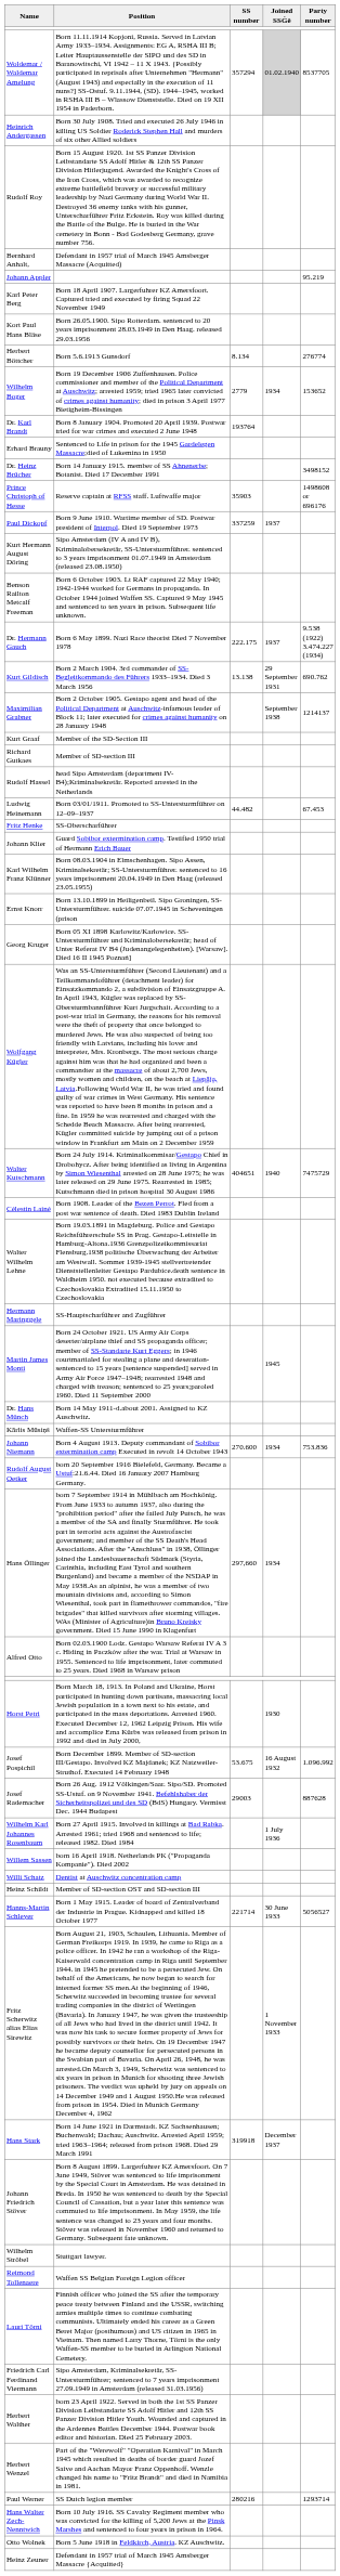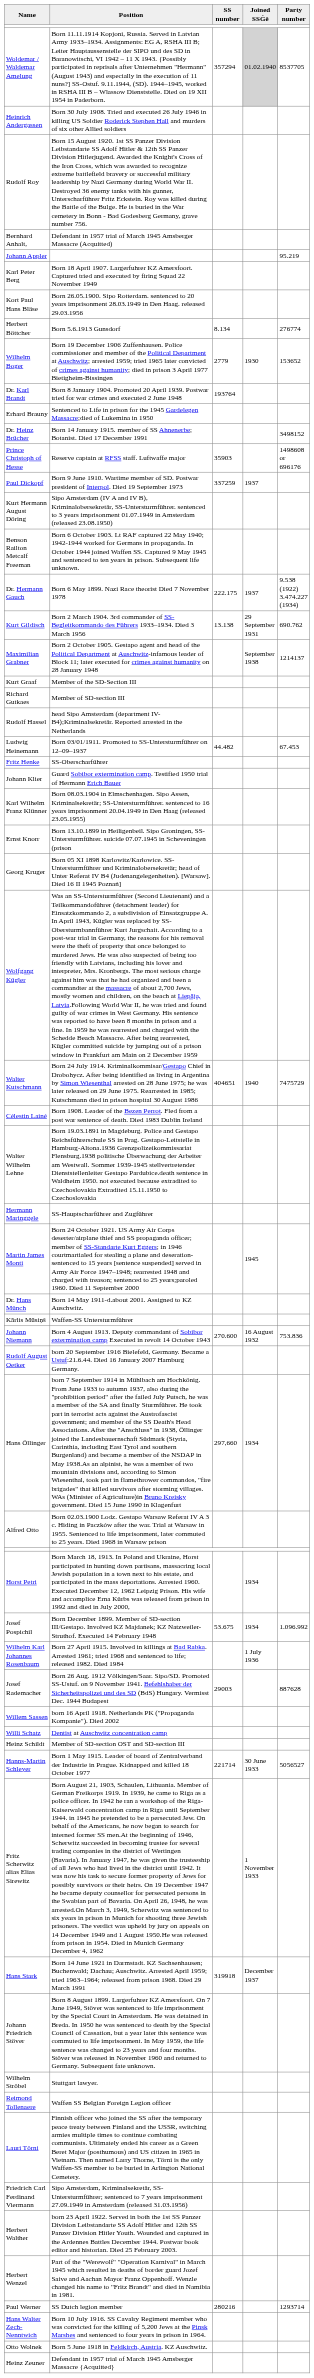 <table align="center" border="1" cellpadding="3" cellspacing="0" style="font-size: 90%; border: gray solid 1px; border-collapse: collapse; text-align: middle;">
 <tr>
 <th bgcolor="#efefef" style="width: 15%">Name</th>
 <th bgcolor="#efefef" style="width: 55%">Position</th>
 <th bgcolor="#efefef" style="width: 10%">SS number</th>
 <th bgcolor="#efefef" style="width: 10%">Joined SSĠě</th>
 <th bgcolor="#efefef" style="width: 10%">Party number</th>
 </tr>
 <tr>
 <td colspan=5></td>
 </tr>
 <tr>
 <td><a href='#'>Woldemar / Waldemar Amelung</a></td>
 <td>Born 11.11.1914 Kopjoni, Russia. Served in Latvian Army 1933–1934. Assignments: EG A, RSHA III B; Leiter Hauptaussenstelle der SIPO und des SD in Baranowitschi, VI 1942 – 11 X 1943. {Possibly participated in reprisals after Unternehmen "Hermann" (August 1943) and especially in the execution of 11 nuns?] SS-Ostuf. 9.11.1944, (SD). 1944–1945, worked in RSHA III B – Wlassow Dienststelle. Died on 19 XII 1954 in Paderborn.</td>
 <td>357294</td>
 <td style="background: lightgrey;">01.02.1940</td>
 <td>8537705</td>
 </tr>
 <tr>
 <td><a href='#'>Heinrich Andergassen</a></td>
 <td>Born 30 July 1908. Tried and executed 26 July 1946 in killing US Soldier <a href='#'>Roderick Stephen Hall</a> and murders of six other Allied soldiers</td>
 <td></td>
 <td></td>
 <td></td>
 </tr>
 <tr>
 <td>Rudolf Roy</td>
 <td>Born 15 August 1920. 1st SS Panzer Division Leibstandarte SS Adolf Hitler & 12th SS Panzer Division Hitlerjugend. Awarded the Knight's Cross of the Iron Cross, which was awarded to recognize extreme battlefield bravery or successful military leadership by Nazi Germany during World War II. Destroyed 36 enemy tanks with his gunner, Unterscharführer Fritz Eckstein. Roy was killed during the Battle of the Bulge. He is buried in the War cemetery in Bonn - Bad Godesberg Germany, grave number 756.</td>
 <td></td>
 <td></td>
 <td></td>
 </tr>
 <tr>
 <td>Bernhard Anhalt,</td>
 <td>Defendant in 1957 trial of March 1945 Amsberger Massacre (Acquitted)</td>
 <td></td>
 <td></td>
 <td></td>
 </tr>
 <tr>
 <td><a href='#'>Johann Appler</a></td>
 <td></td>
 <td></td>
 <td></td>
 <td>95.219</td>
 </tr>
 <tr>
 <td>Karl Peter Berg</td>
 <td>Born 18 April 1907. Largerfuhrer KZ Amersfoort. Captured tried and executed by firing Squad 22 November 1949</td>
 <td></td>
 <td></td>
 <td></td>
 </tr>
 <tr>
 <td>Kort Paul Hans Bläse</td>
 <td>Born 26.05.1900. Sipo Rotterdam. sentenced to 20 years imprisonment 28.03.1949 in Den Haag. released 29.03.1956</td>
 <td></td>
 <td></td>
 <td></td>
 </tr>
 <tr>
 <td>Herbert Böttcher</td>
 <td>Born 5.6.1913 Gunsdorf</td>
 <td>8.134</td>
 <td></td>
 <td>276774</td>
 </tr>
 <tr>
 <td><a href='#'>Wilhelm Boger</a></td>
 <td>Born 19 December 1906 Zuffenhausen. Police commissioner and member of the <a href='#'>Political Department</a> at <a href='#'>Auschwitz</a>; arrested 1959; tried 1965 later convicted of <a href='#'>crimes against humanity</a>; died in prison 3 April 1977 Bietigheim-Bissingen</td>
 <td>2779</td>
-<td>1934</td>
+<td>1930</td>
 <td>153652</td>
 </tr>
 <tr>
 <td>Dr. <a href='#'>Karl Brandt</a></td>
 <td>Born 8 January 1904. Promoted 20 April 1939. Postwar tried for war crimes and executed 2 June 1948</td>
 <td>193764</td>
 <td></td>
 <td></td>
 </tr>
 <tr>
 <td>Erhard Brauny</td>
 <td>Sentenced to Life in prison for the 1945 <a href='#'>Gardelegen Massacre</a>;died of Lukemina in 1950</td>
 <td></td>
 <td></td>
 <td></td>
 </tr>
 <tr>
 <td>Dr. <a href='#'>Heinz Brücher</a></td>
 <td>Born 14 January 1915. member of SS <a href='#'>Ahnenerbe</a>; Botanist. Died 17 December 1991</td>
 <td></td>
 <td></td>
 <td>3498152</td>
 </tr>
 <tr>
 <td><a href='#'>Prince Christoph of Hesse</a></td>
 <td>Reserve captain at <a href='#'>RFSS</a> staff. Luftwaffe major</td>
 <td>35903</td>
 <td></td>
 <td>1498608 <br>or 696176</td>
 </tr>
 <tr>
 <td><a href='#'>Paul Dickopf</a></td>
 <td>Born 9 June 1910. Wartime member of SD. Postwar president of <a href='#'>Interpol</a>. Died 19 September 1973</td>
 <td>337259</td>
 <td>1937</td>
 <td></td>
 </tr>
 <tr>
 <td>Kurt Hermann August Döring</td>
 <td>Sipo Amsterdam (IV A and IV B), Kriminalobersekretär, SS-Untersturmführer. sentenced to 3 years imprisonment 01.07.1949 in Amsterdam (released 23.08.1950)</td>
 <td></td>
 <td></td>
 <td></td>
 </tr>
 <tr>
 <td>Benson Railton Metcalf Freeman</td>
 <td>Born 6 October 1903. Lt RAF captured 22 May 1940; 1942-1944 worked for Germans in  propaganda. In October 1944 joined Waffen SS. Captured 9 May 1945 and sentenced to ten years in prison. Subsequent life unknown.</td>
 <td></td>
 <td></td>
 <td></td>
 </tr>
 <tr>
 <td>Dr. <a href='#'>Hermann Gauch</a></td>
 <td>Born 6 May 1899. Nazi Race theorist Died 7 November 1978</td>
 <td>222.175</td>
 <td>1937</td>
 <td>9.538 (1922) <br>3.474.227 (1934)</td>
 </tr>
 <tr>
 <td><a href='#'>Kurt Gildisch</a></td>
 <td>Born 2 March 1904. 3rd commander of <a href='#'>SS-Begleitkommando des Führers</a> 1933–1934. Died 3 March 1956</td>
 <td>13.138</td>
 <td>29 September 1931</td>
 <td>690.762</td>
 </tr>
 <tr>
 <td><a href='#'>Maximilian Grabner</a></td>
 <td>Born 2 October 1905. Gestapo agent and head of the <a href='#'>Political Department</a> at <a href='#'>Auschwitz</a>-infamous leader of Block 11; later executed for <a href='#'>crimes against humanity</a> on 28 January 1948</td>
 <td></td>
 <td>September 1938</td>
 <td>1214137</td>
 </tr>
 <tr>
 <td>Kurt Graaf</td>
 <td>Member of the SD-Section III</td>
 <td></td>
 <td></td>
 <td></td>
 </tr>
 <tr>
 <td>Richard Gutkaes</td>
 <td>Member of SD-section III</td>
 <td></td>
 <td></td>
 <td></td>
 </tr>
 <tr>
 <td>Rudolf Hassel</td>
 <td>head Sipo Amsterdam (department IV-B4);Kriminalsekretär. Reported arrested in the Netherlands</td>
 <td></td>
 <td></td>
 <td></td>
 </tr>
 <tr>
 <td>Ludwig Heinemann</td>
 <td>Born 03/01/1911. Promoted to SS-Untersturmführer on 12–09–1937</td>
 <td>44.482</td>
 <td></td>
 <td>67.453</td>
 </tr>
 <tr>
 <td><a href='#'>Fritz Henke</a></td>
 <td>SS-Oberscharführer</td>
 <td></td>
 <td></td>
 <td></td>
 </tr>
 <tr>
 <td>Johann Klier</td>
 <td>Guard <a href='#'>Sobibor extermination camp</a>. Testified 1950 trial of Hermann <a href='#'>Erich Bauer</a></td>
 <td></td>
 <td></td>
 <td></td>
 </tr>
 <tr>
 <td>Karl Wilhelm Franz Klünner</td>
 <td>Born 08.03.1904 in Elmschenhagen. Sipo Assen, Kriminalsekretär; SS-Untersturmführer. sentenced to 16 years imprisonment 20.04.1949 in Den Haag (released 23.05.1955)</td>
 <td></td>
 <td></td>
 <td></td>
 </tr>
 <tr>
 <td>Ernst Knorr</td>
 <td>Born 13.10.1899 in Heiligenbeil. Sipo Groningen, SS-Untersturmführer. suicide 07.07.1945 in Scheveningen (prison</td>
 <td></td>
 <td></td>
 <td></td>
 </tr>
 <tr>
 <td>Georg Kruger</td>
 <td>Born 05 XI 1898 Karlowitz/Karłowice. SS-Untersturmführer und Kriminalobersekretär; head of Unter Referat IV B4 (Judenangelegenheiten). [Warsaw]. Died 16 II 1945 Poznań]</td>
 <td></td>
 <td></td>
 <td></td>
 </tr>
 <tr>
 <td><a href='#'>Wolfgang Kügler</a></td>
 <td>Was an SS-Untersturmführer (Second Lieutenant) and a Teilkommandoführer (detachment leader) for Einsatzkommando 2, a subdivision of Einsatzgruppe A. In April 1943, Kügler was replaced by SS-Obersturmbannführer Kurt Jurgschait. According to a post-war trial in Germany, the reasons for his removal were the theft of property that once belonged to murdered Jews. He was also suspected of being too friendly with Latvians, including his lover and interpreter, Mrs. Kronbergs. The most serious charge against him was that he had organized and been a commandter at the <a href='#'>massacre</a> of about 2,700 Jews, mostly women and children, on the beach at <a href='#'>Liepāja, Latvia</a>.Following World War II, he was tried and found guilty of war crimes in West Germany. His sentence was reported to have been 8 months in prison and a fine. In 1959 he was rearrested and charged with the Schedde Beach Massacre. After being rearrested, Kügler committed suicide by jumping out of a prison window in Frankfurt am Main on 2 December 1959</td>
 <td></td>
 <td></td>
 <td></td>
 </tr>
 <tr>
 <td><a href='#'>Walter Kutschmann</a></td>
 <td>Born 24 July 1914. Kriminalkommisar/<a href='#'>Gestapo</a> Chief in Drobohycz. After being identified as living in Argentina by <a href='#'>Simon Wiesenthal</a> arrested on 28 June 1975; he was later released on 29 June 1975. Rearrested in 1985; Kutschmann died in prison hospital 30 August 1986</td>
 <td>404651</td>
 <td>1940</td>
 <td>7475729</td>
 </tr>
 <tr>
 <td><a href='#'>Célestin Lainé</a></td>
 <td>Born 1908. Leader of the <a href='#'>Bezen Perrot</a>. Fled from a post war sentence of death. Died 1983 Dublin Ireland</td>
 <td></td>
 <td></td>
 <td></td>
 </tr>
 <tr>
 <td>Walter Wilhelm Lehne</td>
 <td>Born 19.03.1891 in Magdeburg. Police and Gestapo Reichsführerschule SS in Prag. Gestapo-Leitstelle in Hamburg-Altona.1936 Grenzpolizeikommissariat Flensburg.1938 politische Überwachung der Arbeiter am Westwall. Sommer 1939-1945 stellvertretender Dienststellenleiter Gestapo Pardubice.death sentence in Waldheim 1950. not executed because extradited to Czechoslovakia Extradited 15.11.1950 to Czechoslovakia</td>
 <td></td>
 <td></td>
 <td></td>
 </tr>
 <tr>
 <td><a href='#'>Hermann Maringgele</a></td>
 <td>SS-Hauptscharführer and Zugführer</td>
 <td></td>
 <td></td>
 <td></td>
 </tr>
 <tr>
 <td><a href='#'>Martin James Monti</a></td>
 <td>Born 24 October 1921. US Army Air Corps deserter/airplane thief and SS propaganda officer; member of <a href='#'>SS-Standarte Kurt Eggers</a>; in 1946 courtmartialed for stealing a plane and deseration-sentenced to 15 years [sentence suspended] served in Army Air Force 1947–1948; rearrested 1948 and charged with treason; sentenced to 25 years;paroled 1960. Died 11 September 2000</td>
 <td></td>
 <td>1945</td>
 <td></td>
 </tr>
 <tr>
 <td>Dr. <a href='#'>Hans Münch</a></td>
 <td>Born 14 May 1911-d.about 2001. Assigned to KZ Auschwitz.</td>
 <td></td>
 <td></td>
 <td></td>
 </tr>
 <tr>
 <td>Kārlis Mūsiņš</td>
 <td>Waffen-SS Untersturmführer</td>
 <td></td>
 <td></td>
 <td></td>
 </tr>
 <tr>
 <td><a href='#'>Johann Niemann</a></td>
 <td>Born 4 August 1913. Deputy commandant of <a href='#'>Sobibor extermination camp</a> Executed in revolt 14 October 1943</td>
 <td>270.600</td>
-<td>1934</td>
+<td>16 August 1932</td>
 <td>753.836</td>
 </tr>
 <tr>
 <td><a href='#'>Rudolf August Oetker</a></td>
 <td>born 20 September 1916 Bielefeld, Germany. Became a <a href='#'>Ustuf</a>:21.6.44. Died 16 January 2007 Hamburg Germany.</td>
 <td></td>
 <td></td>
 <td></td>
 </tr>
 <tr>
 <td>Hans Öllinger</td>
 <td>born 7 September 1914 in Mühlbach am Hochkönig. From June 1933 to autumn 1937, also during the "prohibition period" after the failed July Putsch, he was a member of the SA and finally Sturmführer. He took part in terrorist acts against the Austrofascist government; and member of the SS Death's Head Associations. After the "Anschluss" in 1938, Öllinger joined the Landesbauernschaft Südmark (Styria, Carinthia, including East Tyrol and southern Burgenland) and became a member of the NSDAP in May 1938.As an alpinist, he was a member of two mountain divisions and, according to Simon Wiesenthal, took part in flamethrower commandos, "fire brigades" that killed survivors after storming villages. WAs (Minister of Agriculture)in <a href='#'>Bruno Kreisky</a> government. Died 15 June 1990 in Klagenfurt</td>
 <td>297,660</td>
 <td>1934</td>
 <td></td>
 </tr>
 <tr>
 <td>Alfred Otto</td>
 <td>Born 02.03.1900 Lodz. Gestapo Warsaw Referat IV A 3 c. Hiding in Paczków after the war. Trial at Warsaw in 1955. Sentenced to life imprisonment, later commuted to 25 years. Died 1968 in Warsaw prison</td>
 <td></td>
 <td></td>
 <td></td>
 </tr>
 <tr>
 <td></td>
 </tr>
 <tr>
 <td><a href='#'>Horst Petri</a></td>
 <td>Born March 18, 1913. In Poland and Ukraine, Horst participated in hunting down partisans, massacring local Jewish population in a town next to his estate, and participated in the mass deportations. Arrested 1960. Executed December 12, 1962 Leipzig Prison. His wife and accomplice Erna Kürbs was released from prison in 1992 and  died in July 2000,</td>
 <td></td>
-<td>1930</td>
+<td>1934</td>
 <td></td>
 </tr>
 <tr>
 <td>Josef Pospichil</td>
 <td>Born December 1899. Member of SD-section III/Gestapo. Involved KZ Majdanek; KZ Natzweiler-Struthof. Executed 14 February 1948</td>
 <td>53.675</td>
-<td>16 August 1932</td>
+<td>1934</td>
 <td>1.096.992</td>
+</tr>
+<tr>
+<td><a href='#'>Wilhelm Karl Johannes Rosenbaum</a></td>
+<td>Born 27 April 1915. Involved in killings at <a href='#'>Bad Rabka</a>. Arrested 1961; tried 1968 and sentenced to life; released 1982. Died 1984</td>
+<td></td>
+<td>1 July 1936</td>
+<td></td>
 </tr>
 <tr>
 <td>Josef Rademacher</td>
 <td>Born 26 Aug. 1912 Völkingen/Saar. Sipo/SD. Promoted SS-Ustuf. on 9 November 1941. <a href='#'>Befehlshaber der Sicherheitspolizei und des SD</a> (BdS) Hungary. Vermisst Dec. 1944 Budapest</td>
 <td>29003</td>
 <td></td>
 <td>887628</td>
-</tr>
-<tr>
-<td><a href='#'>Wilhelm Karl Johannes Rosenbaum</a></td>
-<td>Born 27 April 1915. Involved in killings at <a href='#'>Bad Rabka</a>. Arrested 1961; tried 1968 and sentenced to life; released 1982. Died 1984</td>
-<td></td>
-<td>1 July 1936</td>
-<td></td>
 </tr>
 <tr>
 <td><a href='#'>Willem Sassen</a></td>
 <td>born 16 April 1918. Netherlands PK ("Propaganda Kompanie"). Died 2002</td>
 <td></td>
 <td></td>
 <td></td>
 </tr>
 <tr>
 <td><a href='#'>Willi Schatz</a></td>
 <td><a href='#'>Dentist</a> at <a href='#'>Auschwitz concentration camp</a></td>
 <td></td>
 <td></td>
 <td></td>
 </tr>
 <tr>
 <td>Heinz Schildt</td>
 <td>Member of SD-section OST and SD-section III</td>
 <td></td>
 <td></td>
 <td></td>
 </tr>
 <tr>
 <td><a href='#'>Hanns-Martin Schleyer</a></td>
 <td>Born 1 May 1915. Leader of board of Zentralverband der Industrie in Prague. Kidnapped and killed 18 October 1977</td>
 <td>221714</td>
 <td>30 June 1933</td>
 <td>5056527</td>
 </tr>
 <tr>
 <td>Fritz Scherwitz alias  Elias Sirewitz</td>
 <td>Born August 21, 1903, Schaulen, Lithuania. Member of German Freikorps 1919. In 1939, he came to Riga as a police officer. In 1942 he ran a workshop of the Riga-Kaiserwald concentration camp in Riga until September 1944. in 1945 he pretended to be a persecuted Jew. On behalf of the Americans, he now began to search for interned former SS men.At the beginning of 1946, Scherwitz succeeded in becoming trustee for several trading companies in the district of Wertingen (Bavaria). In January 1947, he was given the trusteeship of all Jews who had lived in the district until 1942. It was now his task to secure former property of Jews for possibly survivors or their heirs. On 19 December 1947 he became deputy counsellor for persecuted persons in the Swabian part of Bavaria. On April 26, 1948, he was arrested.On March 3, 1949, Scherwitz was sentenced to six years in prison in Munich for shooting three Jewish prisoners. The verdict was upheld by jury on appeals on 14 December 1949 and 1 August 1950.He was released from prison in 1954. Died in Munich Germany December 4, 1962</td>
 <td></td>
 <td>1 November 1933</td>
 <td></td>
 </tr>
 <tr>
 <td><a href='#'>Hans Stark</a></td>
 <td>Born 14 June 1921 in Darmstadt. KZ Sachsenhausen; Buchenwald; Dachau; Auschwitz. Arrested April 1959; tried 1963–1964; released from prison 1968. Died 29 March 1991</td>
 <td>319918</td>
 <td>December 1937</td>
 <td></td>
 </tr>
 <tr>
 <td>Johann Friedrich Stöver</td>
 <td>Born 8 August 1899. Largerfuhrer KZ Amersfoort. On 7 June 1949, Stöver was sentenced to life imprisonment by the Special Court in Amsterdam. He was detained in Breda. In 1950 he was sentenced to death by the Special Council of Cassation, but a year later this sentence was commuted to life imprisonment. In May 1959, the life sentence was changed to 23 years and four months. Stöver was released in November 1960 and returned to Germany. Subsequent fate unknown.</td>
 <td></td>
 <td></td>
 <td></td>
 </tr>
 <tr>
 <td>Wilhelm Ströbel</td>
 <td>Stuttgart lawyer.</td>
 <td></td>
 <td></td>
 <td></td>
 </tr>
 <tr>
 <td><a href='#'>Reimond Tollenaere</a></td>
 <td>Waffen SS Belgian Foreign Legion officer</td>
 <td></td>
 <td></td>
 <td></td>
 </tr>
 <tr>
 <td><a href='#'>Lauri Törni</a></td>
 <td>Finnish officer who joined the SS after the temporary peace treaty between Finland and the USSR, switching armies multiple times to continue combating communists. Ultimately ended his career as a Green Beret Major (posthumous) and US citizen in 1965 in Vietnam. Then named Larry Thorne, Törni is the only Waffen-SS member to be buried in Arlington National Cemetery.</td>
 <td></td>
 <td></td>
 <td></td>
 </tr>
 <tr>
 <td>Friedrich Carl Ferdinand Viermann</td>
 <td>Sipo Amsterdam, Kriminalsekretär, SS-Untersturmführer; sentenced to 7 years imprisonment 27.09.1949 in Amsterdam (released 31.03.1956)</td>
 <td></td>
 <td></td>
 <td></td>
 </tr>
 <tr>
 <td>Herbert Walther</td>
 <td>born 23 April 1922. Served in both the 1st SS Panzer Division Leibstandarte SS Adolf Hitler and 12th SS Panzer Division Hitler Youth. Wounded and captured in the Ardennes Battles December 1944. Postwar book editor and historian.  Died 25 February 2003.</td>
 <td></td>
 <td></td>
 <td></td>
 </tr>
 <tr>
 <td>Herbert Wenzel</td>
 <td>Part of the "Werewolf" "Operation Karnival" in March 1945 which resulted in deaths of border guard Jozef Saive and Aachan Mayor Franz Oppenhoff. Wenzle changed his name to "Fritz Brandt" and died in Namibia in 1981.</td>
 <td></td>
 <td></td>
 <td></td>
 </tr>
 <tr>
 <td>Paul Werner</td>
 <td>SS Dutch legion member</td>
 <td>280216</td>
 <td></td>
 <td>1293714</td>
 </tr>
 <tr>
 <td><a href='#'>Hans Walter Zech-Nenntwich</a></td>
 <td>Born 10 July 1916. SS Cavalry Regiment member who was convicted for the killing of 5,200 Jews at the <a href='#'>Pinsk Marshes</a> and sentenced to four years in prison in 1964.</td>
 <td></td>
 <td></td>
 <td></td>
 </tr>
 <tr>
 <td>Otto Wolnek</td>
 <td>Born 5 June 1918 in <a href='#'>Feldkirch, Austria</a>. KZ Auschwitz.</td>
 <td></td>
 <td></td>
 <td></td>
 </tr>
 <tr>
 <td>Heinz Zeuner</td>
 <td>Defendant in 1957 trial of March 1945 Amsberger Massacre {Acquitted}</td>
 <td></td>
 <td></td>
 <td></td>
 </tr>
 </table>
